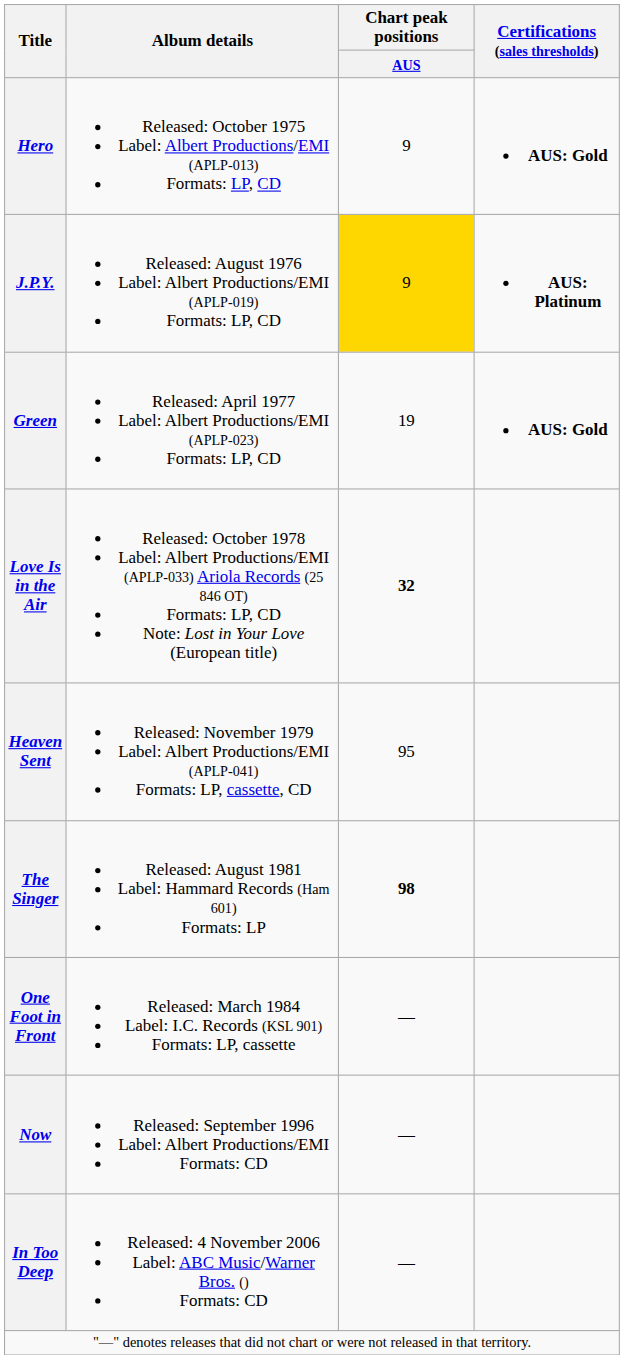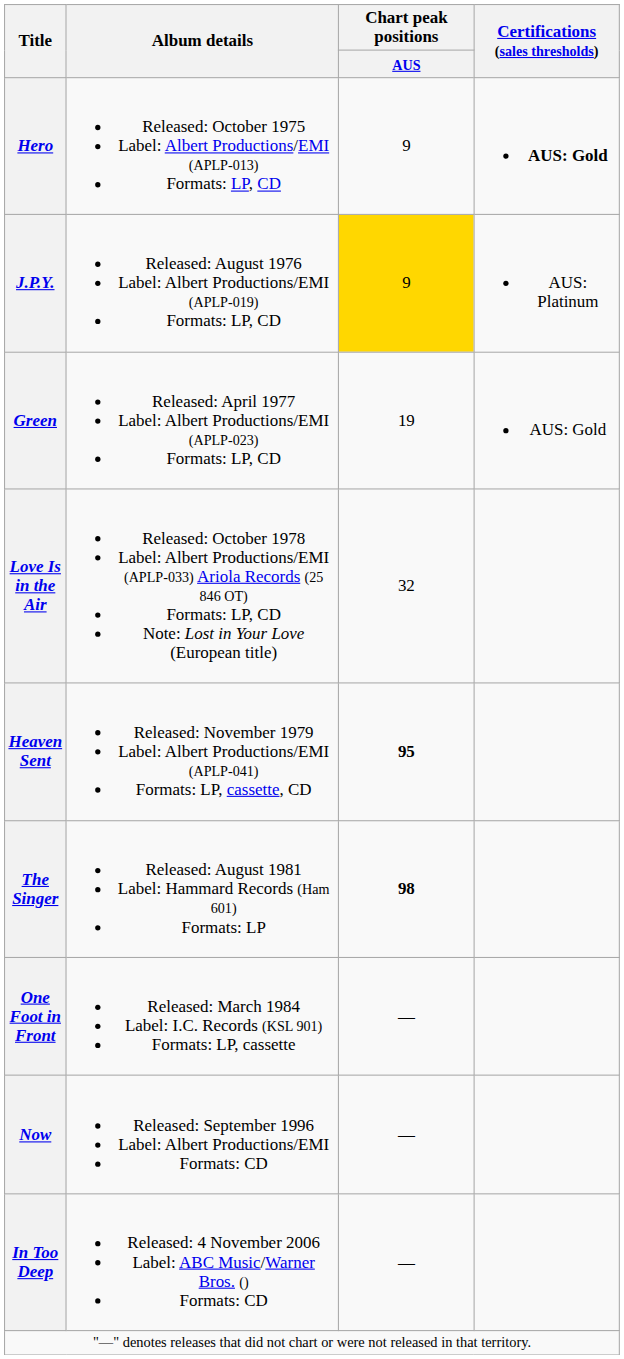 <table class="wikitable plainrowheaders" style="text-align:center;" border="1">
 <tr>
 <th rowspan="2" style="width:35px;">Title</th>
 <th style="width:250px;" rowspan="2">Album details</th>
 <th style="width:120px;" colspan="1">Chart peak positions</th>
 <th rowspan="2" style="width:130px;"><a href='#'>Certifications</a><br><small>(<a href='#'>sales thresholds</a>)</small></th>
 </tr>
 <tr>
 <th style="width:30px;"><small><a href='#'>AUS</a><br></small></th>
 </tr>
 <tr>
 <th scope="row"><em><a href='#'>Hero</a></em></th>
 <td><br><ul><li>Released: October 1975</li><li>Label: <a href='#'>Albert Productions</a>/<a href='#'>EMI</a> <small>(APLP-013)</small></li><li>Formats: <a href='#'>LP</a>, <a href='#'>CD</a></li></ul></td>
 <td style="text-align:center;">9</td>
 <td><strong><br><ul><li>AUS: Gold</li></ul></strong></td>
 </tr>
 <tr>
 <th scope="row"><em><a href='#'>J.P.Y.</a></em></th>
 <td><br><ul><li>Released: August 1976</li><li>Label: Albert Productions/EMI <small>(APLP-019)</small></li><li>Formats: LP, CD</li></ul></td>
 <td style="background: gold; text-align:center;">9</td>
-<td><strong><br><ul><li>AUS: Platinum</li></ul></strong></td>
+<td><br><ul><li>AUS: Platinum</li></ul></td>
 </tr>
 <tr>
 <th scope="row"><em><a href='#'>Green</a></em></th>
 <td><br><ul><li>Released: April 1977</li><li>Label: Albert Productions/EMI <small>(APLP-023)</small></li><li>Formats: LP, CD</li></ul></td>
 <td style="text-align:center;">19</td>
-<td><strong><br><ul><li>AUS: Gold</li></ul></strong></td>
+<td><br><ul><li>AUS: Gold</li></ul></td>
 </tr>
 <tr>
 <th scope="row"><em><a href='#'>Love Is in the Air</a></em></th>
 <td><br><ul><li>Released: October 1978</li><li>Label: Albert Productions/EMI <small>(APLP-033)</small> <a href='#'>Ariola Records</a> <small>(25 846 OT)</small></li><li>Formats: LP, CD</li><li>Note: <em>Lost in Your Love</em> (European title)</li></ul></td>
-<td style="text-align:center;"><strong>32</strong></td>
+<td style="text-align:center;">32</td>
 <td></td>
 </tr>
 <tr>
 <th scope="row"><em><a href='#'>Heaven Sent</a></em></th>
 <td><br><ul><li>Released: November 1979</li><li>Label: Albert Productions/EMI <small>(APLP-041)</small></li><li>Formats: LP, <a href='#'>cassette</a>, CD</li></ul></td>
-<td style="text-align:center;">95</td>
+<td style="text-align:center;"><strong>95</strong></td>
 <td></td>
 </tr>
 <tr>
 <th scope="row"><em><a href='#'>The Singer</a></em></th>
 <td><br><ul><li>Released: August 1981</li><li>Label: Hammard Records <small>(Ham 601)</small></li><li>Formats: LP</li></ul></td>
 <td style="text-align:center;"><strong>98</strong></td>
 <td></td>
 </tr>
 <tr>
 <th scope="row"><em><a href='#'>One Foot in Front</a></em></th>
 <td><br><ul><li>Released: March 1984</li><li>Label: I.C. Records <small>(KSL 901)</small></li><li>Formats: LP, cassette</li></ul></td>
 <td style="text-align:center;">—</td>
 <td></td>
 </tr>
 <tr>
 <th scope="row"><em><a href='#'>Now</a></em></th>
 <td><br><ul><li>Released: September 1996</li><li>Label: Albert Productions/EMI <small></small></li><li>Formats: CD</li></ul></td>
 <td style="text-align:center;">—</td>
 <td></td>
 </tr>
 <tr>
 <th scope="row"><em><a href='#'>In Too Deep</a></em></th>
 <td><br><ul><li>Released: 4 November 2006</li><li>Label: <a href='#'>ABC Music</a>/<a href='#'>Warner Bros.</a> <small>()</small></li><li>Formats: CD</li></ul></td>
 <td style="text-align:center;">—</td>
 <td></td>
 </tr>
 <tr>
 <td colspan="11" style="text-align:center; font-size:85%;">"—" denotes releases that did not chart or were not released in that territory.</td>
 </tr>
 </table>
